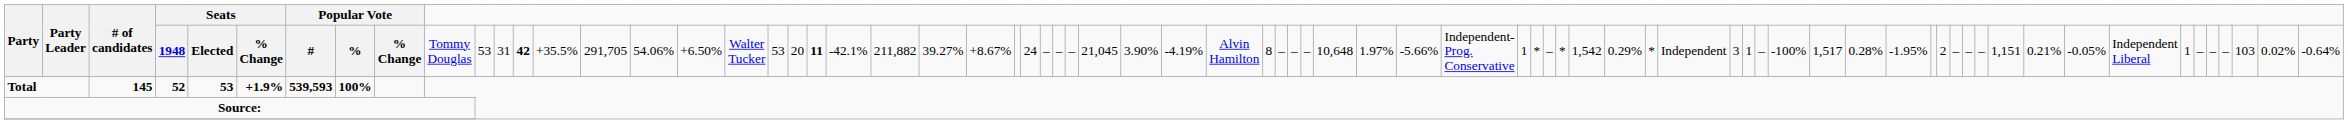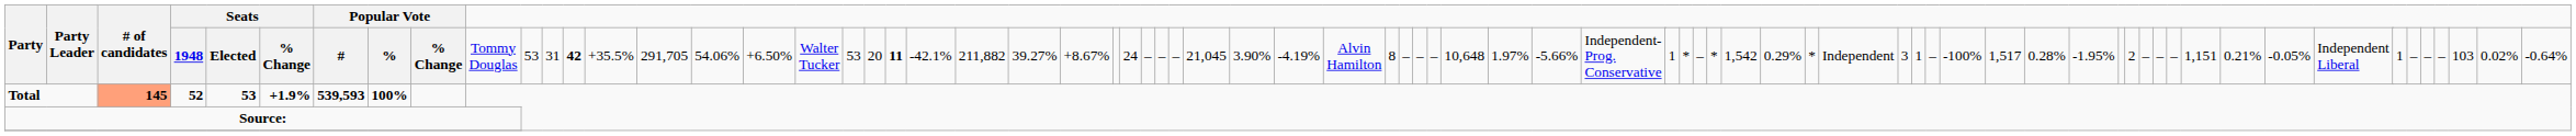 <table class="wikitable">
 <tr>
 <th rowspan=2 colspan=2>Party</th>
 <th rowspan=2>Party Leader</th>
 <th rowspan=2># of<br>candidates</th>
 <th colspan=3>Seats</th>
 <th colspan=3>Popular Vote</th>
 </tr>
 <tr>
 <th><a href='#'>1948</a></th>
 <th>Elected</th>
 <th>% Change</th>
 <th>#</th>
 <th>%</th>
 <th>% Change<br></th>
 <td align="center"><a href='#'>Tommy Douglas</a></td>
 <td align="right">53</td>
 <td align="right">31</td>
 <td align="right"><strong>42</strong></td>
 <td align="right">+35.5%</td>
 <td align="right">291,705</td>
 <td align="right">54.06%</td>
 <td align="right">+6.50%<br></td>
 <td align="center"><a href='#'>Walter Tucker</a></td>
 <td align="right">53</td>
 <td align="right">20</td>
 <td align="right"><strong>11</strong></td>
 <td align="right">-42.1%</td>
 <td align="right">211,882</td>
 <td align="right">39.27%</td>
 <td align="right">+8.67%<br></td>
 <td align="center"></td>
 <td align="right">24</td>
 <td align="right">–</td>
 <td align="right">–</td>
 <td align="right">–</td>
 <td align="right">21,045</td>
 <td align="right">3.90%</td>
 <td align="right">-4.19%<br></td>
 <td align="center"><a href='#'>Alvin Hamilton</a></td>
 <td align="right">8</td>
 <td align="right">–</td>
 <td align="right">–</td>
 <td align="right">–</td>
 <td align="right">10,648</td>
 <td align="right">1.97%</td>
 <td align="right">-5.66%<br></td>
 <td colspan=2>Independent-<a href='#'>Prog. Conservative</a></td>
 <td align="right">1</td>
 <td align="right">*</td>
 <td align="right">–</td>
 <td align="right">*</td>
 <td align="right">1,542</td>
 <td align="right">0.29%</td>
 <td align="right">*<br></td>
 <td colspan=2>Independent</td>
 <td align="right">3</td>
 <td align="right">1</td>
 <td align="right">–</td>
 <td align="right">-100%</td>
 <td align="right">1,517</td>
 <td align="right">0.28%</td>
 <td align="right">-1.95%<br></td>
 <td align="center"></td>
 <td align="right">2</td>
 <td align="right">–</td>
 <td align="right">–</td>
 <td align="right">–</td>
 <td align="right">1,151</td>
 <td align="right">0.21%</td>
 <td align="right">-0.05%<br></td>
 <td colspan=2>Independent <a href='#'>Liberal</a></td>
 <td align="right">1</td>
 <td align="right">–</td>
 <td align="right">–</td>
 <td align="right">–</td>
 <td align="right">103</td>
 <td align="right">0.02%</td>
 <td align="right">-0.64%</td>
 </tr>
 <tr>
 <td colspan=3><strong>Total</strong></td>
-<td align="right"><strong>145</strong></td>
+<td align="right" style="background: lightsalmon;"><strong>145</strong></td>
 <td align="right"><strong>52</strong></td>
 <td align="right"><strong>53</strong></td>
 <td align="right"><strong>+1.9%</strong></td>
 <td align="right"><strong>539,593</strong></td>
 <td align="right"><strong>100%</strong></td>
 <td align="right"> </td>
 </tr>
 <tr>
 <td align="center" colspan=11><strong>Source:</strong> </td>
 </tr>
 <tr>
 </tr>
 </table>
